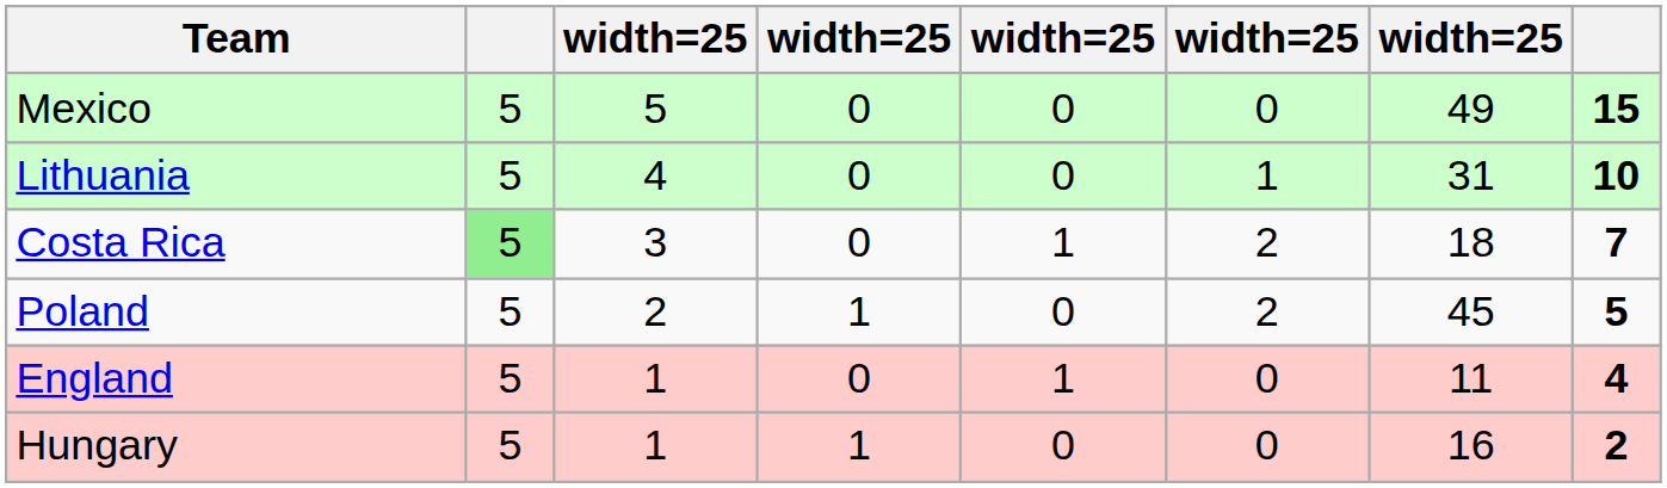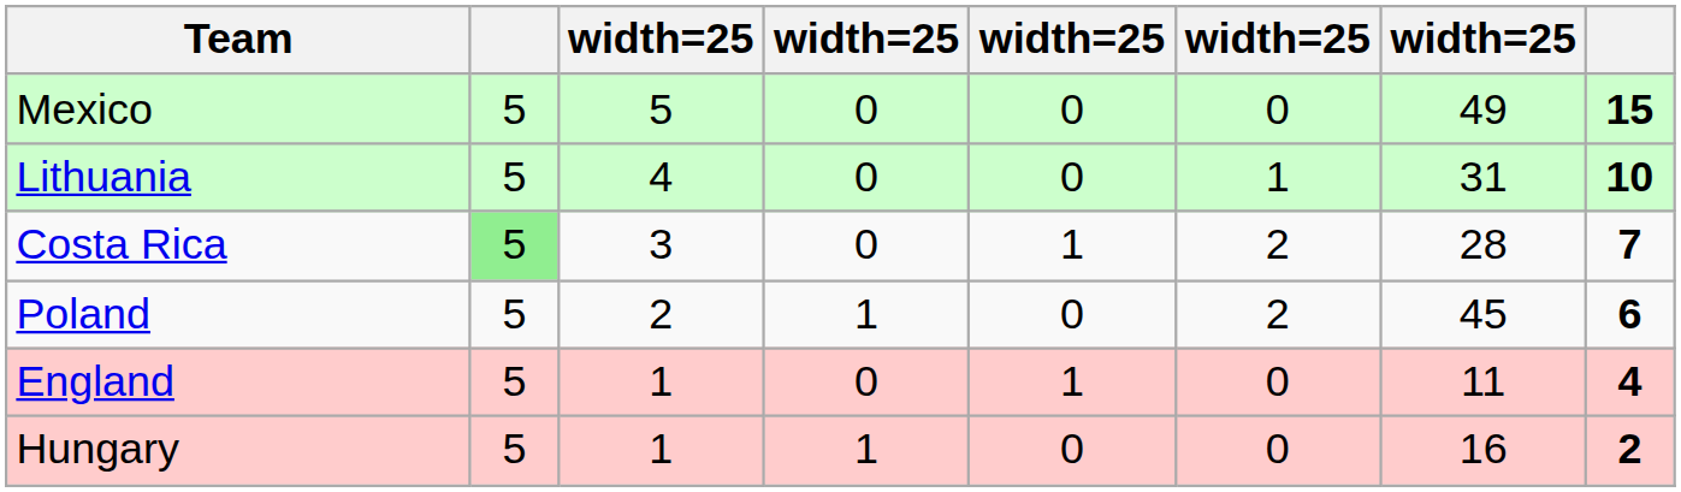 <table class="wikitable sortable" style="text-align: center; ">
 <tr>
 <th width=165>Team</th>
 <th width=25></th>
 <th>width=25</th>
 <th>width=25</th>
 <th>width=25</th>
 <th>width=25</th>
 <th>width=25</th>
 <th width=25></th>
 </tr>
 <tr style="background:#ccffcc;">
 <td style="text-align:left;"> Mexico</td>
 <td>5</td>
 <td>5</td>
 <td>0</td>
 <td>0</td>
 <td>0</td>
 <td>49</td>
 <td><strong>15</strong></td>
 </tr>
 <tr style="background:#ccffcc;">
 <td style="text-align:left;"> <a href='#'>Lithuania</a></td>
 <td>5</td>
 <td>4</td>
 <td>0</td>
 <td>0</td>
 <td>1</td>
 <td>31</td>
 <td><strong>10</strong></td>
 </tr>
 <tr>
 <td style="text-align:left;"> <a href='#'>Costa Rica</a></td>
 <td style="background: lightgreen;">5</td>
 <td>3</td>
 <td>0</td>
 <td>1</td>
 <td>2</td>
-<td>18</td>
+<td>28</td>
 <td><strong>7</strong></td>
 </tr>
 <tr>
 <td style="text-align:left;"> <a href='#'>Poland</a></td>
 <td>5</td>
 <td>2</td>
 <td>1</td>
 <td>0</td>
 <td>2</td>
 <td>45</td>
-<td><strong>5</strong></td>
+<td><strong>6</strong></td>
 </tr>
 <tr style="background:#FFCCCC;">
 <td style="text-align:left;"> <a href='#'>England</a></td>
 <td>5</td>
 <td>1</td>
 <td>0</td>
 <td>1</td>
 <td>0</td>
 <td>11</td>
 <td><strong>4</strong></td>
 </tr>
 <tr style="background:#FFCCCC;">
 <td style="text-align:left;"> Hungary</td>
 <td>5</td>
 <td>1</td>
 <td>1</td>
 <td>0</td>
 <td>0</td>
 <td>16</td>
 <td><strong>2</strong></td>
 </tr>
 </table>
